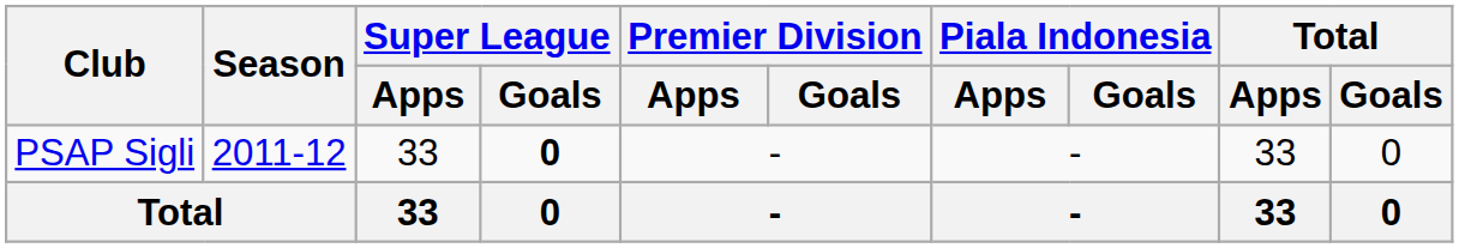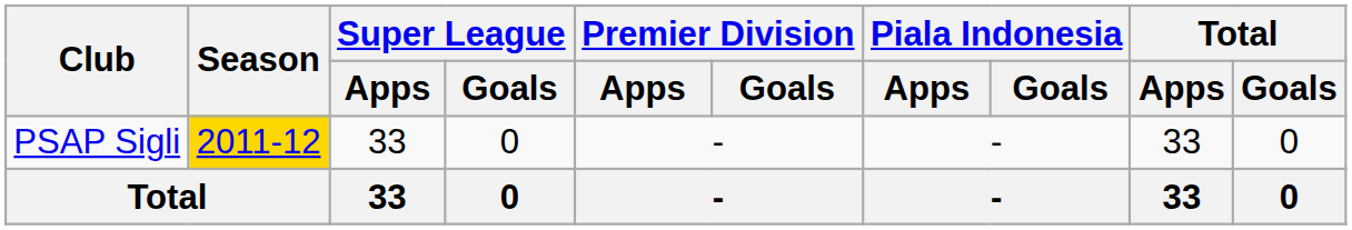 <table class="wikitable" style="font-size:90%; text-align:center;">
 <tr>
 <th rowspan="2">Club</th>
 <th rowspan="2">Season</th>
 <th colspan="2"><a href='#'>Super League</a></th>
 <th colspan="2"><a href='#'>Premier Division</a></th>
 <th colspan="2"><a href='#'>Piala Indonesia</a></th>
 <th colspan="2">Total</th>
 </tr>
 <tr>
 <th>Apps</th>
 <th>Goals</th>
 <th>Apps</th>
 <th>Goals</th>
 <th>Apps</th>
 <th>Goals</th>
 <th>Apps</th>
 <th>Goals</th>
 </tr>
 <tr>
 <td rowspan="1"><a href='#'>PSAP Sigli</a></td>
-<td><a href='#'>2011-12</a></td>
+<td style="background: gold;"><a href='#'>2011-12</a></td>
 <td>33</td>
-<td><strong>0</strong></td>
+<td>0</td>
 <td colspan="2">-</td>
 <td colspan="2">-</td>
 <td>33</td>
 <td>0</td>
 </tr>
 <tr>
 <th colspan="2">Total</th>
 <th>33</th>
 <th>0</th>
 <th colspan="2">-</th>
 <th colspan="2">-</th>
 <th>33</th>
 <th>0</th>
 </tr>
 </table>
